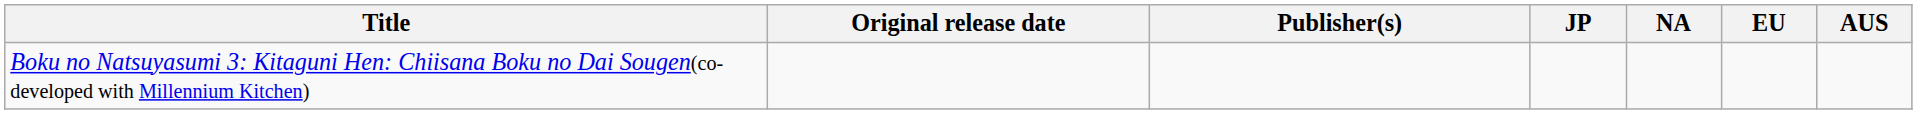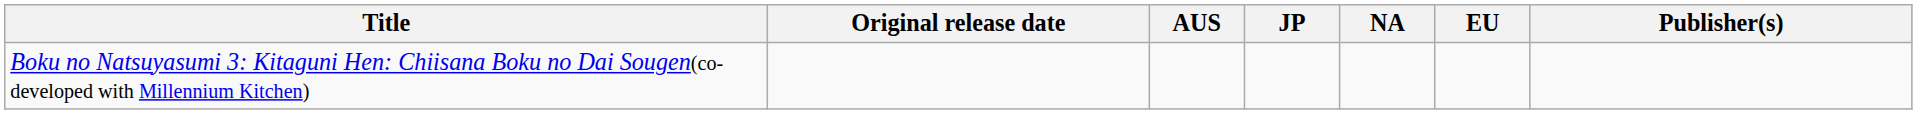 <table class="wikitable sortable" style="width: 100%;">
 <tr>
 <th style="width:40%;">Title</th>
 <th style="width:20%;">Original release date</th>
-<th style="width:20%;">Publisher(s)</th>
+<th style="width:5%;">AUS</th>
 <th style="width:5%;">JP</th>
 <th style="width:5%;">NA</th>
 <th style="width:5%;">EU</th>
-<th style="width:5%;">AUS</th>
+<th style="width:20%;">Publisher(s)</th>
 </tr>
 <tr>
 <td><em><a href='#'>Boku no Natsuyasumi 3: Kitaguni Hen: Chiisana Boku no Dai Sougen</a></em><small>(co-developed with <a href='#'>Millennium Kitchen</a>)</small></td>
 <td></td>
 <td></td>
 <td></td>
 <td></td>
 <td></td>
 <td></td>
 </tr>
 </table>
